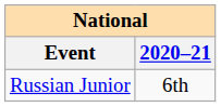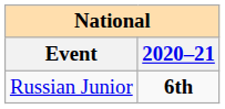 <table class="wikitable" style="text-align:center">
 <tr>
 <th style="background-color: #ffdead; " colspan=2 align=center>National</th>
 </tr>
 <tr>
 <th>Event</th>
 <th><a href='#'>2020–21</a></th>
 </tr>
 <tr>
 <td align=left><a href='#'>Russian Junior</a></td>
-<td>6th</td>
+<td><strong>6th</strong></td>
 </tr>
 </table>
